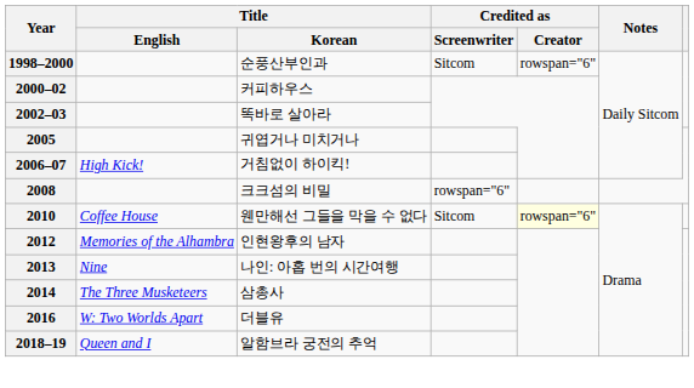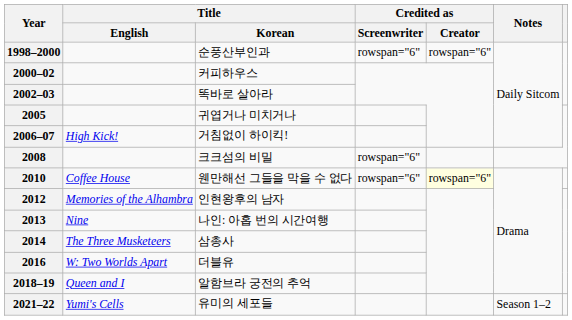 <table class="wikitable sortable plainrowheaders">
 <tr>
 <th rowspan="2" scope="col">Year</th>
 <th colspan="2" scope="col">Title</th>
 <th colspan="2">Credited as</th>
 <th rowspan="2" scope="col">Notes</th>
 <th rowspan="2" scope="col" class="unsortable"></th>
 </tr>
 <tr>
 <th>English</th>
 <th>Korean</th>
 <th>Screenwriter</th>
 <th>Creator</th>
 </tr>
 <tr>
 <th scope="row">1998–2000</th>
 <td><em></em></td>
 <td>순풍산부인과</td>
-<td>Sitcom</td>
+<td>rowspan="6" </td>
 <td>rowspan="6" </td>
 <td rowspan="5">Daily Sitcom</td>
 <td rowspan="3"></td>
 </tr>
 <tr>
 <th scope="row">2000–02</th>
 <td><em></em></td>
 <td>커피하우스</td>
 </tr>
 <tr>
 <th scope="row">2002–03</th>
 <td><em></em></td>
 <td>똑바로 살아라</td>
 </tr>
 <tr>
 <th scope="row">2005</th>
 <td><em></em></td>
 <td>귀엽거나 미치거나</td>
 <td></td>
 </tr>
 <tr>
 <th scope="row">2006–07</th>
 <td><em><a href='#'>High Kick!</a></em></td>
 <td>거침없이 하이킥!</td>
 <td></td>
 </tr>
 <tr>
 <th scope="row">2008</th>
 <td><em></em></td>
 <td>크크섬의 비밀</td>
 <td>rowspan="6" </td>
 <td></td>
 </tr>
 <tr>
 <th scope="row">2010</th>
 <td><em><a href='#'>Coffee House</a></em></td>
 <td>웬만해선 그들을 막을 수 없다</td>
-<td>Sitcom</td>
+<td>rowspan="6" </td>
 <td style="background: lightyellow;">rowspan="6" </td>
 <td rowspan="6">Drama</td>
 <td></td>
 </tr>
 <tr>
 <th scope="row">2012</th>
 <td><em><a href='#'>Memories of the Alhambra</a></em></td>
 <td>인현왕후의 남자</td>
 <td></td>
 </tr>
 <tr>
 <th scope="row">2013</th>
 <td><em><a href='#'>Nine</a></em></td>
 <td>나인: 아홉 번의 시간여행</td>
 <td></td>
 </tr>
 <tr>
 <th scope="row">2014</th>
 <td><em><a href='#'>The Three Musketeers</a></em></td>
 <td>삼총사</td>
 <td></td>
 </tr>
 <tr>
 <th scope="row">2016</th>
 <td><em><a href='#'>W: Two Worlds Apart</a></em></td>
 <td>더블유</td>
 <td></td>
 </tr>
 <tr>
 <th scope="row">2018–19</th>
 <td><em><a href='#'>Queen and I</a></em></td>
 <td>알함브라 궁전의 추억</td>
 <td></td>
 </tr>
+<tr>
+<th scope="row">2021–22</th>
+<td><em><a href='#'>Yumi's Cells</a></em></td>
+<td>유미의 세포들</td>
+<td></td>
+<td></td>
+<td>Season 1–2</td>
+<td></td>
+</tr>
 </table>
